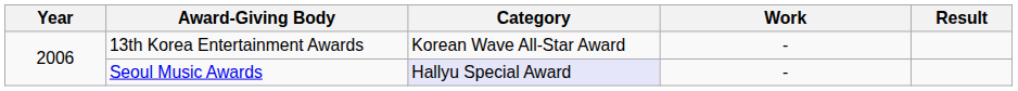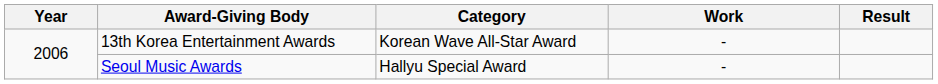 <table | width="75%" class="wikitable sortable">
 <tr>
 <th width="10%">Year</th>
 <th width="30%">Award-Giving Body</th>
 <th width="25%">Category</th>
 <th width="25%">Work</th>
 <th width="10%">Result</th>
 </tr>
 <tr>
 <td rowspan="2" align=center>2006</td>
 <td>13th Korea Entertainment Awards</td>
 <td>Korean Wave All-Star Award</td>
 <td align="center">- </td>
 <td></td>
 </tr>
 <tr>
 <td><a href='#'>Seoul Music Awards</a></td>
-<td style="background: lavender;">Hallyu Special Award</td>
+<td>Hallyu Special Award</td>
 <td align="center">- </td>
 <td></td>
 </tr>
 </table>
